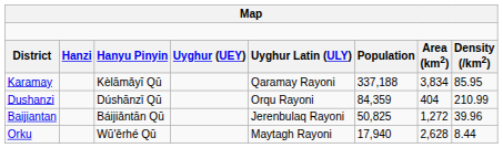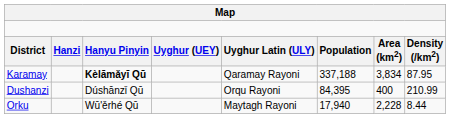 <table class="wikitable" style="font-size:90%;" align=center>
 <tr>
 <th colspan=8>Map</th>
 </tr>
 <tr>
 <td colspan=8><div><br>      </div></td>
 </tr>
 <tr>
 <th>District</th>
 <th><a href='#'>Hanzi</a></th>
 <th><a href='#'>Hanyu Pinyin</a></th>
 <th><a href='#'>Uyghur</a> (<a href='#'>UEY</a>)</th>
 <th>Uyghur Latin (<a href='#'>ULY</a>)</th>
 <th>Population<br></th>
 <th>Area<br>(km<sup>2</sup>)</th>
 <th>Density<br>(/km<sup>2</sup>)</th>
 </tr>
 <tr --------->
 <td><a href='#'>Karamay</a></td>
 <td></td>
-<td>Kèlāmǎyī Qū</td>
+<td><strong>Kèlāmǎyī Qū</strong></td>
 <td></td>
 <td>Qaramay Rayoni</td>
 <td>337,188</td>
 <td>3,834</td>
-<td>85.95</td>
+<td>87.95</td>
 </tr>
 <tr --------->
 <td><a href='#'>Dushanzi</a></td>
 <td></td>
 <td>Dúshānzǐ Qū</td>
 <td></td>
 <td>Orqu Rayoni</td>
-<td>84,359</td>
-<td>404</td>
+<td>84,395</td>
+<td>400</td>
 <td>210.99</td>
-</tr>
-<tr --------->
-<td><a href='#'>Baijiantan</a></td>
-<td></td>
-<td>Báijiǎntān Qū</td>
-<td></td>
-<td>Jerenbulaq Rayoni</td>
-<td>50,825</td>
-<td>1,272</td>
-<td>39.96</td>
 </tr>
 <tr --------->
 <td><a href='#'>Orku</a></td>
 <td></td>
 <td>Wū'ěrhé Qū</td>
 <td></td>
 <td>Maytagh Rayoni</td>
 <td>17,940</td>
-<td>2,628</td>
+<td>2,228</td>
 <td>8.44</td>
 </tr>
 </table>
